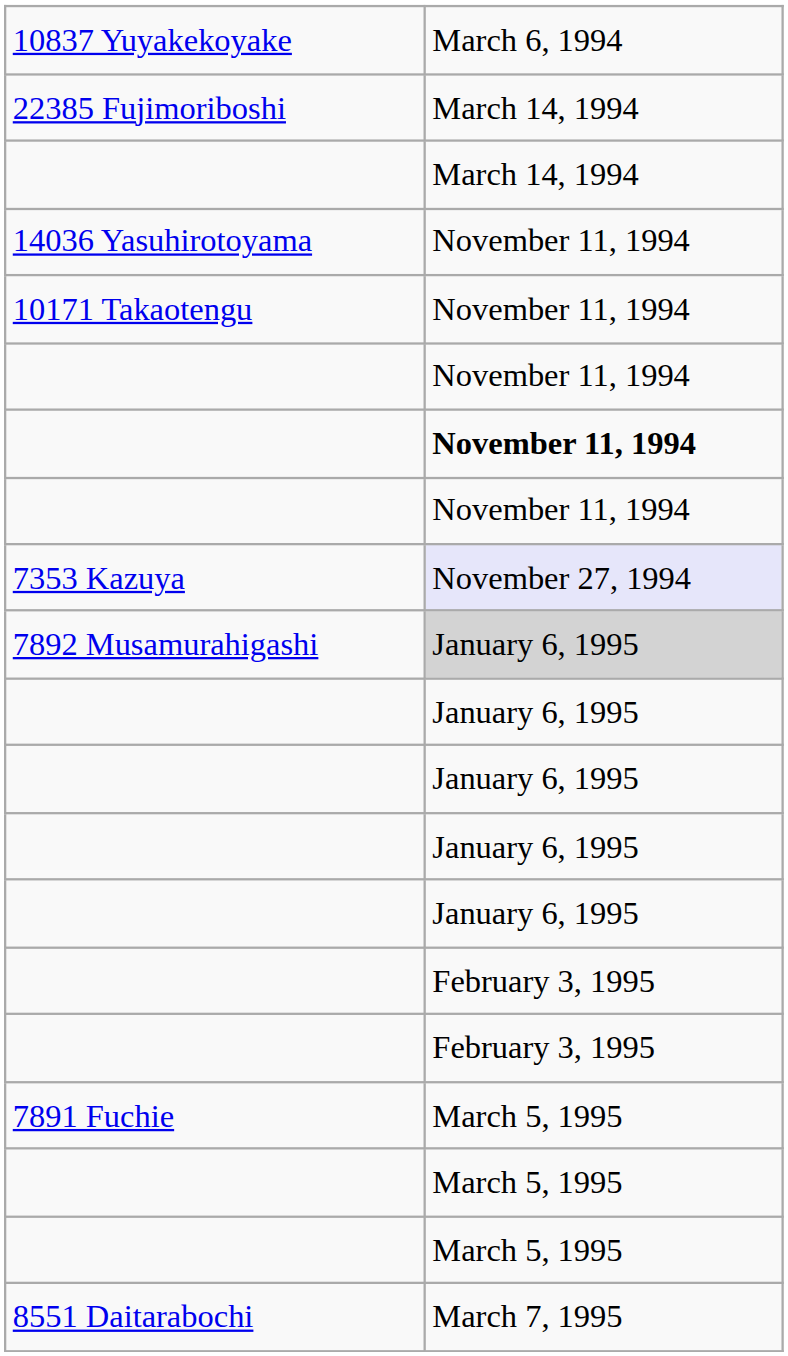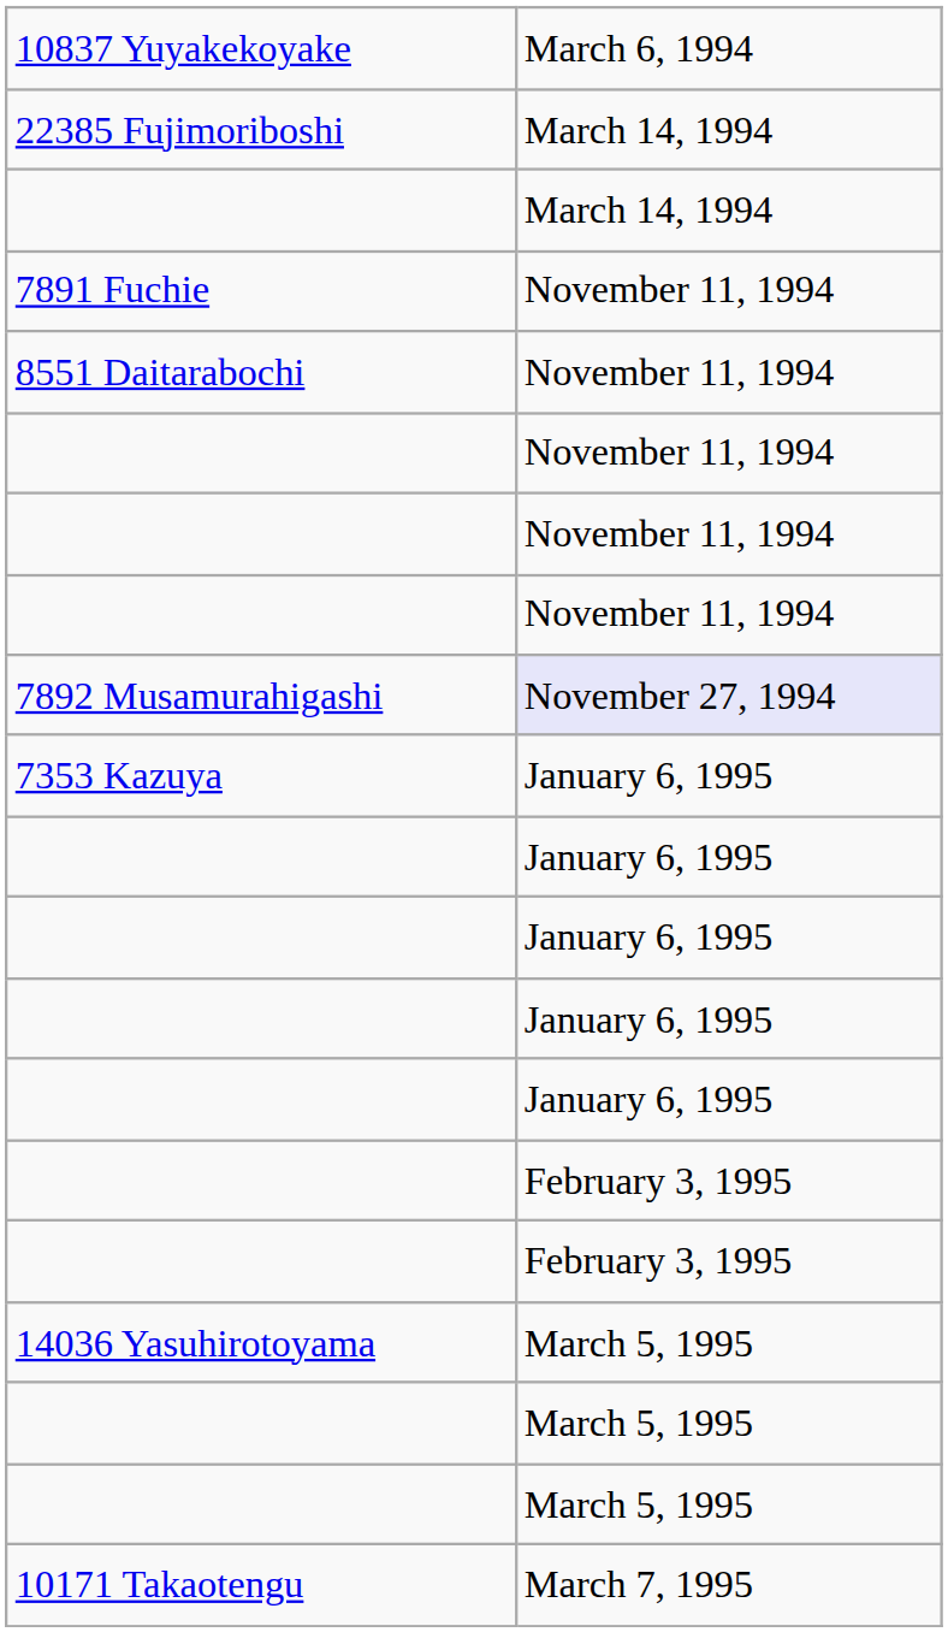 <table class="wikitable" style="font-size: 89%; float: left; width: 24em; margin-right: 1em; line-height: 1.6em !important;">
 <tr>
 <td><a href='#'>10837 Yuyakekoyake</a> </td>
 <td>March 6, 1994</td>
 </tr>
 <tr>
 <td><a href='#'>22385 Fujimoriboshi</a> </td>
 <td>March 14, 1994</td>
 </tr>
 <tr>
 <td> </td>
 <td>March 14, 1994</td>
 </tr>
 <tr>
-<td><a href='#'>14036 Yasuhirotoyama</a> </td>
+<td><a href='#'>7891 Fuchie</a> </td>
 <td>November 11, 1994</td>
 </tr>
 <tr>
-<td><a href='#'>10171 Takaotengu</a> </td>
+<td><a href='#'>8551 Daitarabochi</a> </td>
 <td>November 11, 1994</td>
 </tr>
 <tr>
 <td> </td>
 <td>November 11, 1994</td>
 </tr>
 <tr>
 <td> </td>
-<td><strong>November 11, 1994</strong></td>
+<td>November 11, 1994</td>
 </tr>
 <tr>
 <td> </td>
 <td>November 11, 1994</td>
 </tr>
 <tr>
-<td><a href='#'>7353 Kazuya</a> </td>
+<td><a href='#'>7892 Musamurahigashi</a> </td>
 <td style="background: lavender;">November 27, 1994</td>
 </tr>
 <tr>
-<td><a href='#'>7892 Musamurahigashi</a> </td>
-<td style="background: lightgrey;">January 6, 1995</td>
+<td><a href='#'>7353 Kazuya</a> </td>
+<td>January 6, 1995</td>
 </tr>
 <tr>
 <td> </td>
 <td>January 6, 1995</td>
 </tr>
 <tr>
 <td> </td>
 <td>January 6, 1995</td>
 </tr>
 <tr>
 <td> </td>
 <td>January 6, 1995</td>
 </tr>
 <tr>
 <td> </td>
 <td>January 6, 1995</td>
 </tr>
 <tr>
 <td> </td>
 <td>February 3, 1995</td>
 </tr>
 <tr>
 <td> </td>
 <td>February 3, 1995</td>
 </tr>
 <tr>
-<td><a href='#'>7891 Fuchie</a> </td>
+<td><a href='#'>14036 Yasuhirotoyama</a> </td>
 <td>March 5, 1995</td>
 </tr>
 <tr>
 <td> </td>
 <td>March 5, 1995</td>
 </tr>
 <tr>
 <td> </td>
 <td>March 5, 1995</td>
 </tr>
 <tr>
-<td><a href='#'>8551 Daitarabochi</a> </td>
+<td><a href='#'>10171 Takaotengu</a> </td>
 <td>March 7, 1995</td>
 </tr>
 </table>
